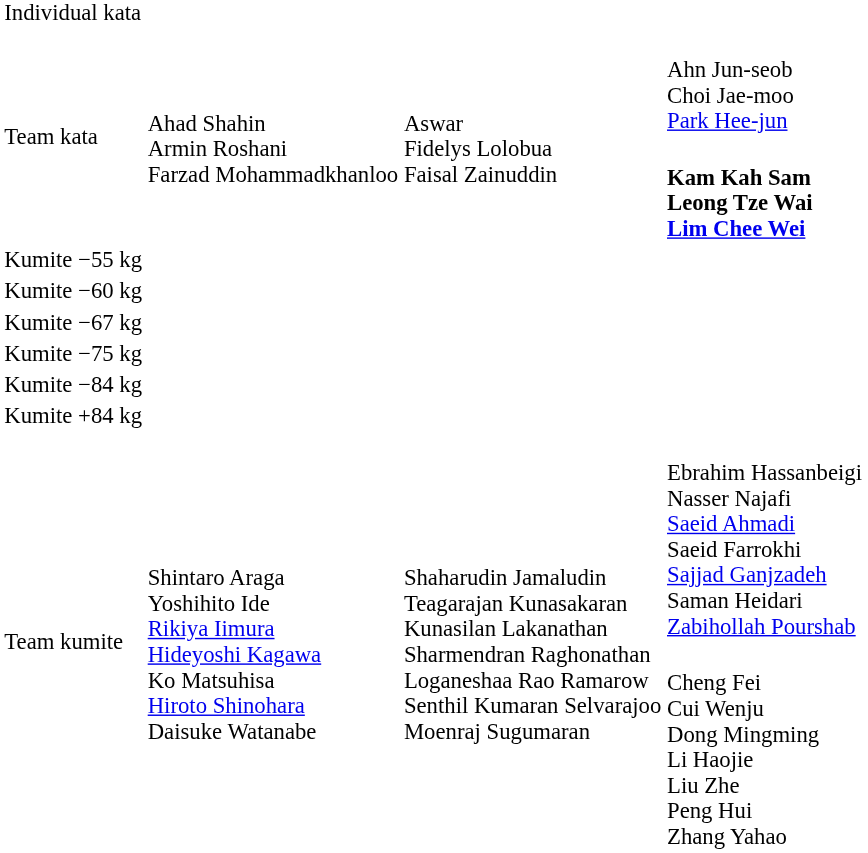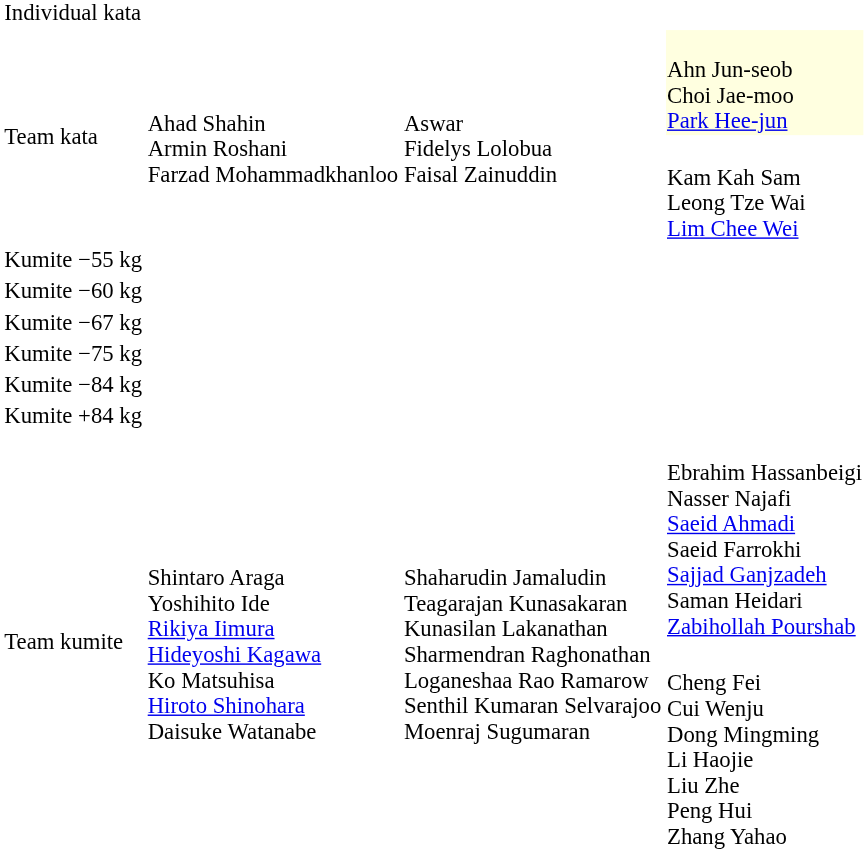 <table>
 <tr>
 <td rowspan=2>Individual kata</td>
 <td rowspan=2></td>
 <td rowspan=2></td>
 <td></td>
 </tr>
 <tr>
 <td></td>
 </tr>
 <tr>
 <td rowspan=2>Team kata</td>
 <td rowspan=2><br>Ahad Shahin<br>Armin Roshani<br>Farzad Mohammadkhanloo</td>
 <td rowspan=2><br>Aswar<br>Fidelys Lolobua<br>Faisal Zainuddin</td>
-<td><br>Ahn Jun-seob<br>Choi Jae-moo<br><a href='#'>Park Hee-jun</a></td>
+<td style="background: lightyellow;"><br>Ahn Jun-seob<br>Choi Jae-moo<br><a href='#'>Park Hee-jun</a></td>
 </tr>
 <tr>
-<td><strong><br>Kam Kah Sam<br>Leong Tze Wai<br><a href='#'>Lim Chee Wei</a></strong></td>
+<td><br>Kam Kah Sam<br>Leong Tze Wai<br><a href='#'>Lim Chee Wei</a></td>
 </tr>
 <tr>
 <td rowspan=2>Kumite −55 kg</td>
 <td rowspan=2></td>
 <td rowspan=2></td>
 <td></td>
 </tr>
 <tr>
 <td></td>
 </tr>
 <tr>
 <td rowspan=2>Kumite −60 kg</td>
 <td rowspan=2></td>
 <td rowspan=2></td>
 <td></td>
 </tr>
 <tr>
 <td></td>
 </tr>
 <tr>
 <td rowspan=2>Kumite −67 kg</td>
 <td rowspan=2></td>
 <td rowspan=2></td>
 <td></td>
 </tr>
 <tr>
 <td></td>
 </tr>
 <tr>
 <td rowspan=2>Kumite −75 kg</td>
 <td rowspan=2></td>
 <td rowspan=2></td>
 <td></td>
 </tr>
 <tr>
 <td></td>
 </tr>
 <tr>
 <td rowspan=2>Kumite −84 kg</td>
 <td rowspan=2></td>
 <td rowspan=2></td>
 <td></td>
 </tr>
 <tr>
 <td></td>
 </tr>
 <tr>
 <td rowspan=2>Kumite +84 kg</td>
 <td rowspan=2></td>
 <td rowspan=2></td>
 <td></td>
 </tr>
 <tr>
 <td></td>
 </tr>
 <tr>
 <td rowspan=2>Team kumite</td>
 <td rowspan=2><br>Shintaro Araga<br>Yoshihito Ide<br><a href='#'>Rikiya Iimura</a><br><a href='#'>Hideyoshi Kagawa</a><br>Ko Matsuhisa<br><a href='#'>Hiroto Shinohara</a><br>Daisuke Watanabe</td>
 <td rowspan=2><br>Shaharudin Jamaludin<br>Teagarajan Kunasakaran<br>Kunasilan Lakanathan<br>Sharmendran Raghonathan<br>Loganeshaa Rao Ramarow<br>Senthil Kumaran Selvarajoo<br>Moenraj Sugumaran</td>
 <td><br>Ebrahim Hassanbeigi<br>Nasser Najafi<br><a href='#'>Saeid Ahmadi</a><br>Saeid Farrokhi<br><a href='#'>Sajjad Ganjzadeh</a><br>Saman Heidari<br><a href='#'>Zabihollah Pourshab</a></td>
 </tr>
 <tr>
 <td><br>Cheng Fei<br>Cui Wenju<br>Dong Mingming<br>Li Haojie<br>Liu Zhe<br>Peng Hui<br>Zhang Yahao</td>
 </tr>
 </table>
